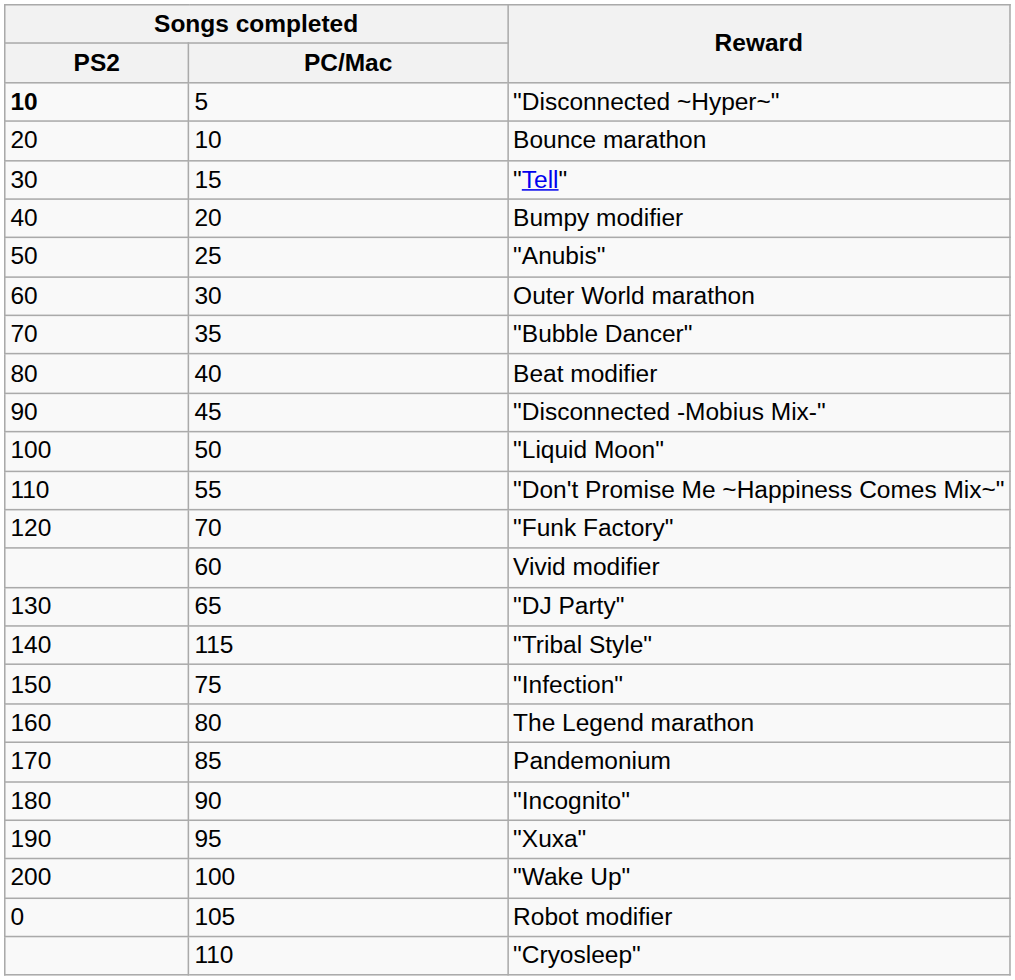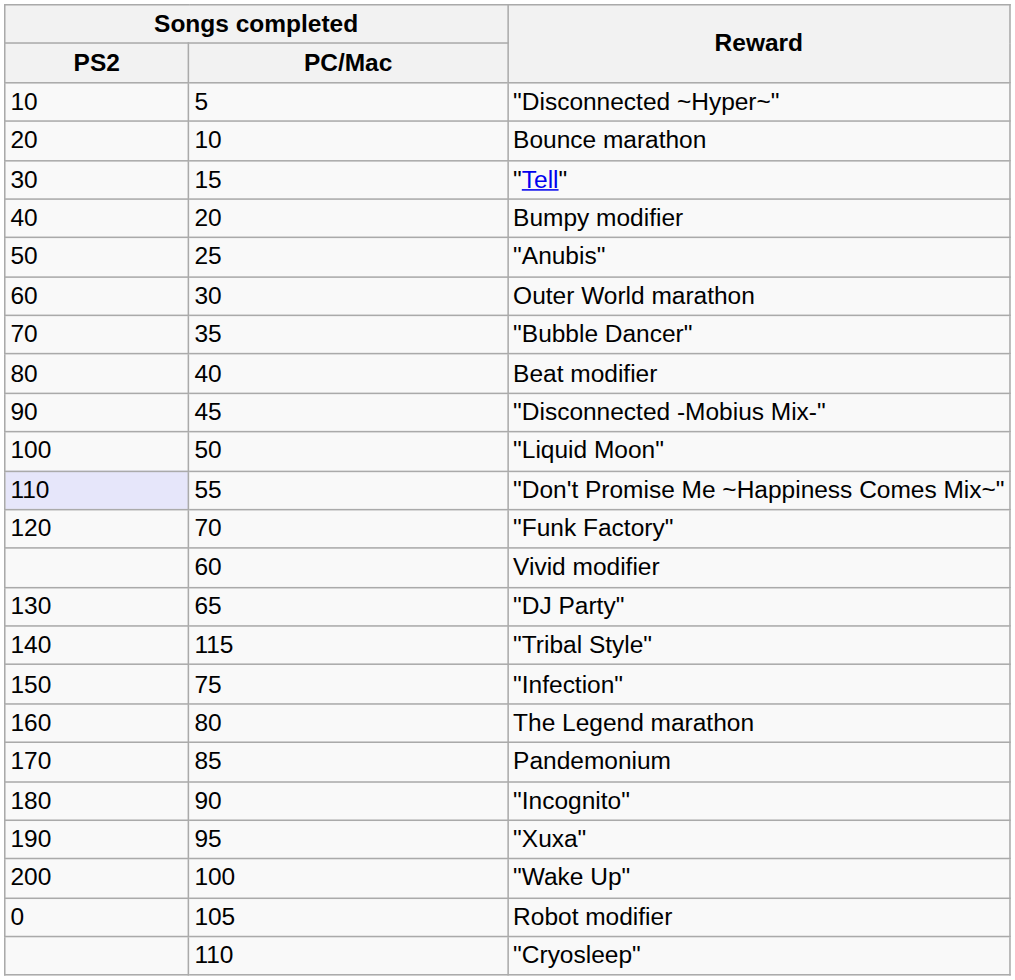 <table class="wikitable">
 <tr>
 <th colspan="2" width="50%" align="center">Songs completed</th>
 <th rowspan="2" width="50%">Reward</th>
 </tr>
 <tr>
 <th>PS2</th>
 <th>PC/Mac</th>
 </tr>
 <tr>
-<td><strong>10</strong></td>
+<td>10</td>
 <td>5</td>
 <td>"Disconnected ~Hyper~"</td>
 </tr>
 <tr>
 <td>20</td>
 <td>10</td>
 <td>Bounce marathon</td>
 </tr>
 <tr>
 <td>30</td>
 <td>15</td>
 <td>"<a href='#'>Tell</a>"</td>
 </tr>
 <tr>
 <td>40</td>
 <td>20</td>
 <td>Bumpy modifier</td>
 </tr>
 <tr>
 <td>50</td>
 <td>25</td>
 <td>"Anubis"</td>
 </tr>
 <tr>
 <td>60</td>
 <td>30</td>
 <td>Outer World marathon</td>
 </tr>
 <tr>
 <td>70</td>
 <td>35</td>
 <td>"Bubble Dancer"</td>
 </tr>
 <tr>
 <td>80</td>
 <td>40</td>
 <td>Beat modifier</td>
 </tr>
 <tr>
 <td>90</td>
 <td>45</td>
 <td>"Disconnected -Mobius Mix-"</td>
 </tr>
 <tr>
 <td>100</td>
 <td>50</td>
 <td>"Liquid Moon"</td>
 </tr>
 <tr>
-<td>110</td>
+<td style="background: lavender;">110</td>
 <td>55</td>
 <td>"Don't Promise Me ~Happiness Comes Mix~"</td>
 </tr>
 <tr>
 <td>120</td>
 <td>70</td>
 <td>"Funk Factory"</td>
 </tr>
 <tr>
 <td></td>
 <td>60</td>
 <td>Vivid modifier</td>
 </tr>
 <tr>
 <td>130</td>
 <td>65</td>
 <td>"DJ Party"</td>
 </tr>
 <tr>
 <td>140</td>
 <td>115</td>
 <td>"Tribal Style"</td>
 </tr>
 <tr>
 <td>150</td>
 <td>75</td>
 <td>"Infection"</td>
 </tr>
 <tr>
 <td>160</td>
 <td>80</td>
 <td>The Legend marathon</td>
 </tr>
 <tr>
 <td>170</td>
 <td>85</td>
 <td>Pandemonium</td>
 </tr>
 <tr>
 <td>180</td>
 <td>90</td>
 <td>"Incognito"</td>
 </tr>
 <tr>
 <td>190</td>
 <td>95</td>
 <td>"Xuxa"</td>
 </tr>
 <tr>
 <td>200</td>
 <td>100</td>
 <td>"Wake Up"</td>
 </tr>
 <tr>
 <td>0</td>
 <td>105</td>
 <td>Robot modifier</td>
 </tr>
 <tr>
 <td></td>
 <td>110</td>
 <td>"Cryosleep"</td>
 </tr>
 </table>
